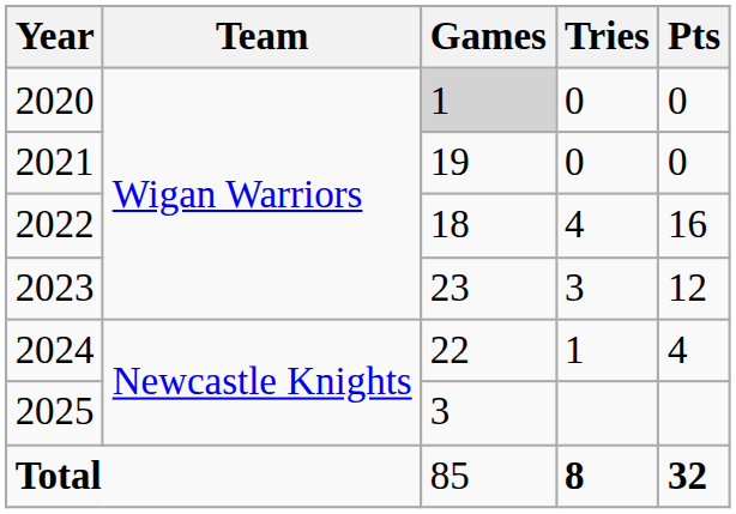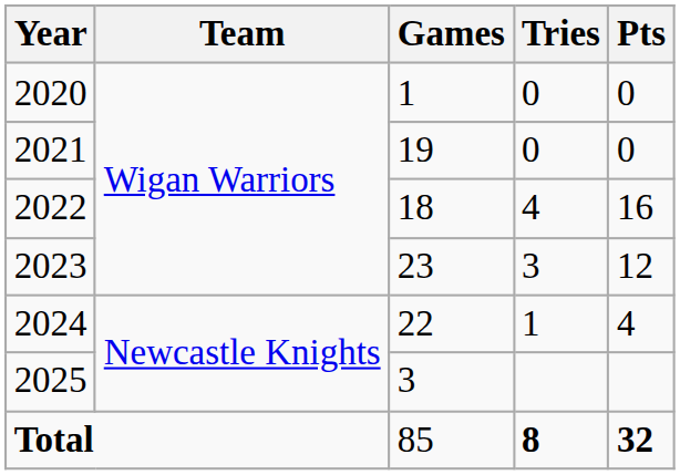 <table class="wikitable">
 <tr>
 <th>Year</th>
 <th>Team</th>
 <th>Games</th>
 <th>Tries</th>
 <th>Pts</th>
 </tr>
 <tr>
 <td>2020</td>
 <td rowspan="4"> <a href='#'>Wigan Warriors</a></td>
-<td style="background: lightgrey;">1</td>
+<td>1</td>
 <td>0</td>
 <td>0</td>
 </tr>
 <tr>
 <td>2021</td>
 <td>19</td>
 <td>0</td>
 <td>0</td>
 </tr>
 <tr>
 <td>2022</td>
 <td>18</td>
 <td>4</td>
 <td>16</td>
 </tr>
 <tr>
 <td>2023</td>
 <td>23</td>
 <td>3</td>
 <td>12</td>
 </tr>
 <tr>
 <td>2024</td>
 <td rowspan="2"> <a href='#'>Newcastle Knights</a></td>
 <td>22</td>
 <td>1</td>
 <td>4</td>
 </tr>
 <tr>
 <td>2025</td>
 <td>3</td>
 <td></td>
 <td></td>
 </tr>
 <tr>
 <td colspan="2"><strong>Total</strong></td>
 <td>85</td>
 <td><strong>8</strong></td>
 <td><strong>32</strong></td>
 </tr>
 </table>
